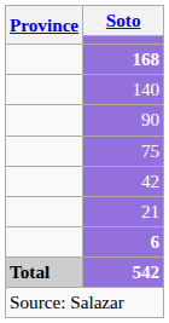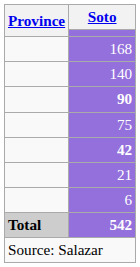 <table class="wikitable sortable" style="text-align:right; font-size:95%">
 <tr>
 <th rowspan=2><a href='#'>Province</a></th>
 <th width=60px><a href='#'>Soto</a></th>
 </tr>
 <tr>
 <th style="background:#9370DB"></th>
 </tr>
 <tr>
 <td align="left"></td>
-<td style="background:#9370DB; color:white;"><strong>168</strong></td>
+<td style="background:#9370DB; color:white;">168</td>
 </tr>
 <tr>
 <td align="left"></td>
 <td style="background:#9370DB; color:white;">140</td>
 </tr>
 <tr>
 <td align="left"></td>
-<td style="background:#9370DB; color:white;">90</td>
+<td style="background:#9370DB; color:white;"><strong>90</strong></td>
 </tr>
 <tr>
 <td align="left"></td>
 <td style="background:#9370DB; color:white;">75</td>
 </tr>
 <tr>
 <td align="left"></td>
-<td style="background:#9370DB; color:white;">42</td>
+<td style="background:#9370DB; color:white;"><strong>42</strong></td>
 </tr>
 <tr>
 <td align="left"></td>
 <td style="background:#9370DB; color:white;">21</td>
 </tr>
 <tr>
 <td align="left"></td>
-<td style="background:#9370DB; color:white;"><strong>6</strong></td>
+<td style="background:#9370DB; color:white;">6</td>
 </tr>
 <tr style="background:#CDCDCD;"  class=sortbottom>
 <td align="left"><strong>Total</strong></td>
 <td style="background:#9370DB; color:white;"><strong>542</strong></td>
 </tr>
 <tr class=sortbottom>
 <td align=left colspan=11>Source: Salazar</td>
 </tr>
 </table>
